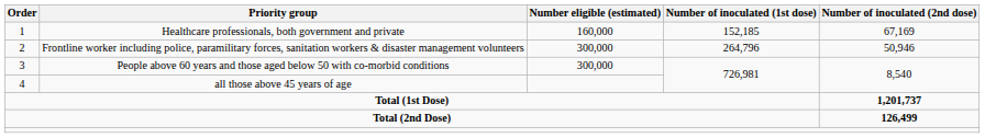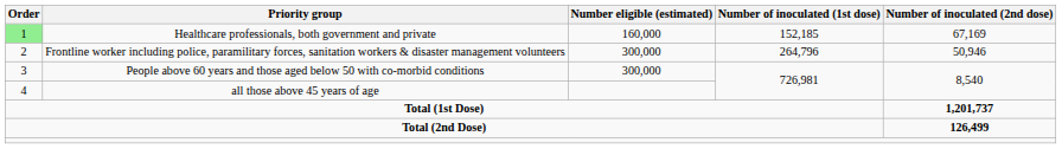 <table class="wikitable" style="text-align:center">
 <tr>
 <th>Order</th>
 <th>Priority group</th>
 <th>Number eligible (estimated)</th>
 <th>Number of inoculated (1st dose)</th>
 <th>Number of inoculated (2nd dose)</th>
 </tr>
 <tr>
-<td>1</td>
+<td style="background: lightgreen;">1</td>
 <td>Healthcare professionals, both government and private</td>
 <td style="text-align:center">160,000 </td>
 <td>152,185</td>
 <td>67,169</td>
 </tr>
 <tr>
 <td>2</td>
 <td>Frontline worker including police, paramilitary forces, sanitation workers & disaster management volunteers</td>
 <td style="text-align:center">300,000 </td>
 <td>264,796</td>
 <td>50,946</td>
 </tr>
 <tr>
 <td>3</td>
 <td>People above 60 years and those aged below 50 with co-morbid conditions</td>
 <td>300,000</td>
 <td rowspan="2">726,981</td>
 <td rowspan="2">8,540</td>
 </tr>
 <tr>
 <td>4</td>
 <td>all those above 45 years of age</td>
 <td></td>
 </tr>
 <tr>
 <td colspan="4"><strong>Total (1st Dose)</strong></td>
 <td><strong>1,201,737</strong></td>
 </tr>
 <tr>
 <td colspan="4"><strong>Total (2nd Dose)</strong></td>
 <td><strong>126,499</strong></td>
 </tr>
 <tr>
 <td colspan="5"></td>
 </tr>
 </table>
